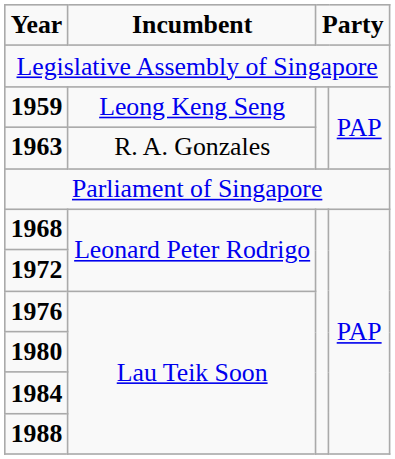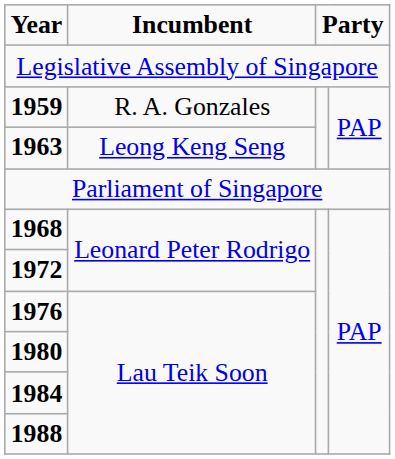 <table class="wikitable" align="center" style="text-align:center">
 <tr>
 <td><strong>Year</strong></td>
 <td><strong>Incumbent</strong></td>
 <td colspan="2"><strong>Party</strong></td>
 </tr>
 <tr>
 <td colspan="4"><a href='#'>Legislative Assembly of Singapore</a></td>
 </tr>
 <tr>
 <td><strong>1959</strong></td>
-<td><a href='#'>Leong Keng Seng</a></td>
+<td>R. A. Gonzales</td>
 <td rowspan="2"></td>
 <td rowspan="2"><a href='#'>PAP</a></td>
 </tr>
 <tr>
 <td><strong>1963</strong></td>
-<td>R. A. Gonzales</td>
+<td><a href='#'>Leong Keng Seng</a></td>
 </tr>
 <tr>
 <td colspan="4"><a href='#'>Parliament of Singapore</a></td>
 </tr>
 <tr>
 <td><strong>1968</strong></td>
 <td rowspan="2"><a href='#'>Leonard Peter Rodrigo</a></td>
 <td rowspan="6"></td>
 <td rowspan="6"><a href='#'>PAP</a></td>
 </tr>
 <tr>
 <td><strong>1972</strong></td>
 </tr>
 <tr>
 <td><strong>1976</strong></td>
 <td rowspan="4"><a href='#'>Lau Teik Soon</a></td>
 </tr>
 <tr>
 <td><strong>1980</strong></td>
 </tr>
 <tr>
 <td><strong>1984</strong></td>
 </tr>
 <tr>
 <td><strong>1988</strong></td>
 </tr>
 </table>
